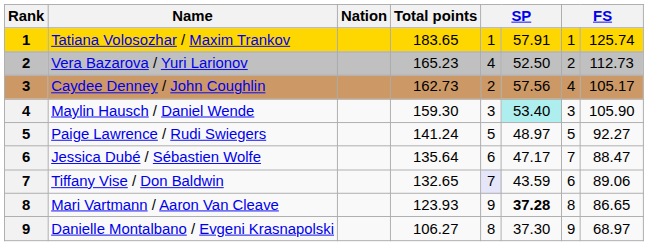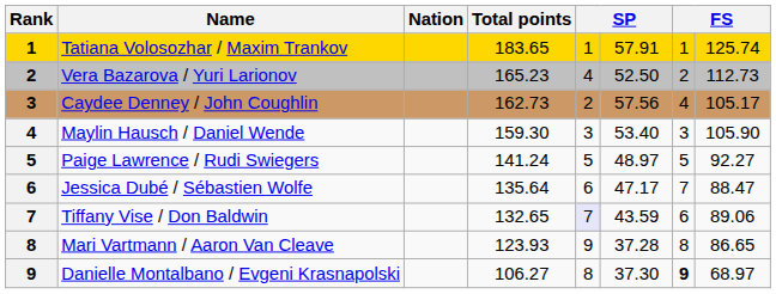 <table class="wikitable sortable">
 <tr>
 <th>Rank</th>
 <th>Name</th>
 <th>Nation</th>
 <th>Total points</th>
 <th colspan="2" width="80px"><a href='#'>SP</a></th>
 <th colspan="2" width="80px"><a href='#'>FS</a></th>
 </tr>
 <tr bgcolor="gold">
 <td align="center"><strong>1</strong></td>
 <td><a href='#'>Tatiana Volosozhar</a> / <a href='#'>Maxim Trankov</a></td>
 <td></td>
 <td align="center">183.65</td>
 <td align="center">1</td>
 <td align="center">57.91</td>
 <td align="center">1</td>
 <td align="center">125.74</td>
 </tr>
 <tr bgcolor="silver">
 <td align="center"><strong>2</strong></td>
 <td><a href='#'>Vera Bazarova</a> / <a href='#'>Yuri Larionov</a></td>
 <td></td>
 <td align="center">165.23</td>
 <td align="center">4</td>
 <td align="center">52.50</td>
 <td align="center">2</td>
 <td align="center">112.73</td>
 </tr>
 <tr bgcolor="cc9966">
 <td align="center"><strong>3</strong></td>
 <td><a href='#'>Caydee Denney</a> / <a href='#'>John Coughlin</a></td>
 <td></td>
 <td align="center">162.73</td>
 <td align="center">2</td>
 <td align="center">57.56</td>
 <td align="center">4</td>
 <td align="center">105.17</td>
 </tr>
 <tr>
 <th>4</th>
 <td><a href='#'>Maylin Hausch</a> / <a href='#'>Daniel Wende</a></td>
 <td></td>
 <td align="center">159.30</td>
 <td align="center">3</td>
-<td align="center" style="background: paleturquoise;">53.40</td>
+<td align="center">53.40</td>
 <td align="center">3</td>
 <td align="center">105.90</td>
 </tr>
 <tr>
 <th>5</th>
 <td><a href='#'>Paige Lawrence</a> / <a href='#'>Rudi Swiegers</a></td>
 <td></td>
 <td align="center">141.24</td>
 <td align="center">5</td>
 <td align="center">48.97</td>
 <td align="center">5</td>
 <td align="center">92.27</td>
 </tr>
 <tr>
 <th>6</th>
 <td><a href='#'>Jessica Dubé</a> / <a href='#'>Sébastien Wolfe</a></td>
 <td></td>
 <td align="center">135.64</td>
 <td align="center">6</td>
 <td align="center">47.17</td>
 <td align="center">7</td>
 <td align="center">88.47</td>
 </tr>
 <tr>
 <th>7</th>
 <td><a href='#'>Tiffany Vise</a> / <a href='#'>Don Baldwin</a></td>
 <td></td>
 <td align="center">132.65</td>
 <td align="center" style="background: lavender;">7</td>
 <td align="center">43.59</td>
 <td align="center">6</td>
 <td align="center">89.06</td>
 </tr>
 <tr>
 <th>8</th>
 <td><a href='#'>Mari Vartmann</a> / <a href='#'>Aaron Van Cleave</a></td>
 <td></td>
 <td align="center">123.93</td>
 <td align="center">9</td>
-<td align="center"><strong>37.28</strong></td>
+<td align="center">37.28</td>
 <td align="center">8</td>
 <td align="center">86.65</td>
 </tr>
 <tr>
 <th>9</th>
 <td><a href='#'>Danielle Montalbano</a> / <a href='#'>Evgeni Krasnapolski</a></td>
 <td></td>
 <td align="center">106.27</td>
 <td align="center">8</td>
 <td align="center">37.30</td>
-<td align="center">9</td>
+<td align="center"><strong>9</strong></td>
 <td align="center">68.97</td>
 </tr>
 </table>
